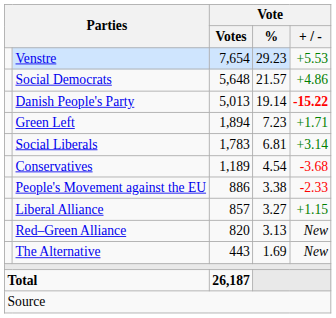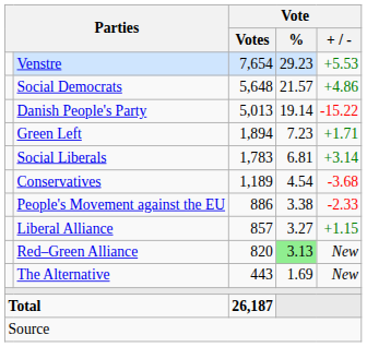 <table class="wikitable" style="text-align:right;">
 <tr>
 <th style="text-align:centre;" rowspan="2" colspan="2" width="225">Parties</th>
 <th colspan="3">Vote</th>
 </tr>
 <tr>
 <th width="15">Votes</th>
 <th width="15">%</th>
 <th width="15">+ / -</th>
 </tr>
 <tr>
 <td width="2" style="color:inherit;background:"></td>
 <td bgcolor=#cfe5fe   align="left"><a href='#'>Venstre</a></td>
 <td bgcolor=#cfe5fe>7,654</td>
 <td bgcolor=#cfe5fe>29.23</td>
 <td style=color:green;>+5.53</td>
 </tr>
 <tr>
 <td width="2" style="color:inherit;background:"></td>
 <td align="left"><a href='#'>Social Democrats</a></td>
 <td>5,648</td>
 <td>21.57</td>
 <td style=color:green;>+4.86</td>
 </tr>
 <tr>
 <td width="2" style="color:inherit;background:"></td>
 <td align="left"><a href='#'>Danish People's Party</a></td>
 <td>5,013</td>
 <td>19.14</td>
-<td style=color:red;><strong>-15.22</strong></td>
+<td style=color:red;>-15.22</td>
 </tr>
 <tr>
 <td width="2" style="color:inherit;background:"></td>
 <td align="left"><a href='#'>Green Left</a></td>
 <td>1,894</td>
 <td>7.23</td>
 <td style=color:green;>+1.71</td>
 </tr>
 <tr>
 <td width="2" style="color:inherit;background:"></td>
 <td align="left"><a href='#'>Social Liberals</a></td>
 <td>1,783</td>
 <td>6.81</td>
 <td style=color:green;>+3.14</td>
 </tr>
 <tr>
 <td width="2" style="color:inherit;background:"></td>
 <td align="left"><a href='#'>Conservatives</a></td>
 <td>1,189</td>
 <td>4.54</td>
 <td style=color:red;>-3.68</td>
 </tr>
 <tr>
 <td width="2" style="color:inherit;background:"></td>
 <td align="left"><a href='#'>People's Movement against the EU</a></td>
 <td>886</td>
 <td>3.38</td>
 <td style=color:red;>-2.33</td>
 </tr>
 <tr>
 <td width="2" style="color:inherit;background:"></td>
 <td align="left"><a href='#'>Liberal Alliance</a></td>
 <td>857</td>
 <td>3.27</td>
 <td style=color:green;>+1.15</td>
 </tr>
 <tr>
 <td width="2" style="color:inherit;background:"></td>
 <td align="left"><a href='#'>Red–Green Alliance</a></td>
 <td>820</td>
-<td>3.13</td>
+<td style="background: lightgreen;">3.13</td>
 <td><em>New</em></td>
 </tr>
 <tr>
 <td width="2" style="color:inherit;background:"></td>
 <td align="left"><a href='#'>The Alternative</a></td>
 <td>443</td>
 <td>1.69</td>
 <td><em>New</em></td>
 </tr>
 <tr>
 <td colspan="7" bgcolor="#E9E9E9"></td>
 </tr>
 <tr>
 <td align="left" colspan="2"><strong>Total</strong></td>
 <td><strong>26,187</strong></td>
 <td bgcolor="#E9E9E9" colspan="2"></td>
 </tr>
 <tr>
 <td align="left" colspan="6">Source</td>
 </tr>
 </table>
